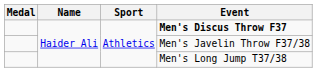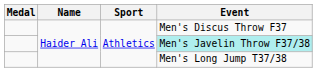 <table class="wikitable">
 <tr>
 <th>Medal</th>
 <th>Name</th>
 <th>Sport</th>
 <th>Event</th>
 </tr>
 <tr>
 <td></td>
 <td rowspan=3><a href='#'>Haider Ali</a></td>
 <td rowspan=3><a href='#'>Athletics</a></td>
-<td><strong>Men's Discus Throw F37</strong></td>
+<td>Men's Discus Throw F37</td>
 </tr>
 <tr>
 <td></td>
-<td>Men's Javelin Throw F37/38</td>
+<td style="background: paleturquoise;">Men's Javelin Throw F37/38</td>
 </tr>
 <tr>
 <td></td>
 <td>Men's Long Jump T37/38</td>
 </tr>
 </table>
